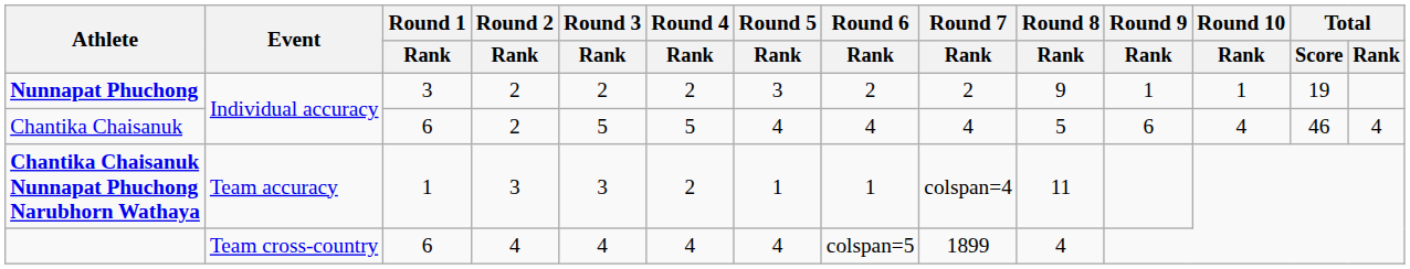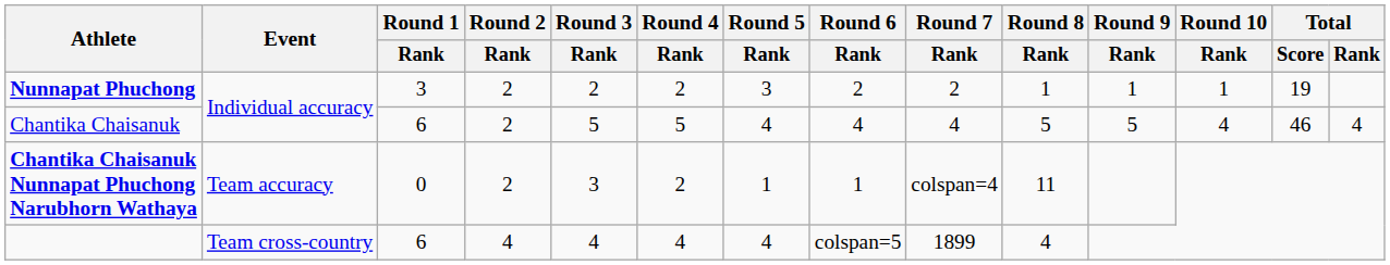 <table class=wikitable style=font-size:90%;text-align:center>
 <tr>
 <th rowspan=2>Athlete</th>
 <th rowspan=2>Event</th>
 <th>Round 1</th>
 <th>Round 2</th>
 <th>Round 3</th>
 <th>Round 4</th>
 <th>Round 5</th>
 <th>Round 6</th>
 <th>Round 7</th>
 <th>Round 8</th>
 <th>Round 9</th>
 <th>Round 10</th>
 <th colspan=2>Total</th>
 </tr>
 <tr style="font-size:95%">
 <th>Rank</th>
 <th>Rank</th>
 <th>Rank</th>
 <th>Rank</th>
 <th>Rank</th>
 <th>Rank</th>
 <th>Rank</th>
 <th>Rank</th>
 <th>Rank</th>
 <th>Rank</th>
 <th>Score</th>
 <th>Rank</th>
 </tr>
 <tr>
 <td align=left><strong><a href='#'>Nunnapat Phuchong</a></strong></td>
 <td align=left rowspan=2><a href='#'>Individual accuracy</a></td>
 <td>3</td>
 <td>2</td>
 <td>2</td>
 <td>2</td>
 <td>3</td>
 <td>2</td>
 <td>2</td>
-<td>9</td>
+<td>1</td>
 <td>1</td>
 <td>1</td>
 <td>19</td>
 <td></td>
 </tr>
 <tr>
 <td align=left><a href='#'>Chantika Chaisanuk</a></td>
 <td>6</td>
 <td>2</td>
 <td>5</td>
 <td>5</td>
 <td>4</td>
 <td>4</td>
 <td>4</td>
 <td>5</td>
-<td>6</td>
+<td>5</td>
 <td>4</td>
 <td>46</td>
 <td>4</td>
 </tr>
 <tr>
 <td align=left><strong><a href='#'>Chantika Chaisanuk</a><br><a href='#'>Nunnapat Phuchong</a><br><a href='#'>Narubhorn Wathaya</a></strong></td>
 <td align=left><a href='#'>Team accuracy</a></td>
-<td>1</td>
-<td>3</td>
+<td>0</td>
+<td>2</td>
 <td>3</td>
 <td>2</td>
 <td>1</td>
 <td>1</td>
 <td>colspan=4 </td>
 <td>11</td>
 <td></td>
 </tr>
 <tr>
 <td align=left></td>
 <td align=left><a href='#'>Team cross-country</a></td>
 <td>6</td>
 <td>4</td>
 <td>4</td>
 <td>4</td>
 <td>4</td>
 <td>colspan=5 </td>
 <td>1899</td>
 <td>4</td>
 </tr>
 </table>
